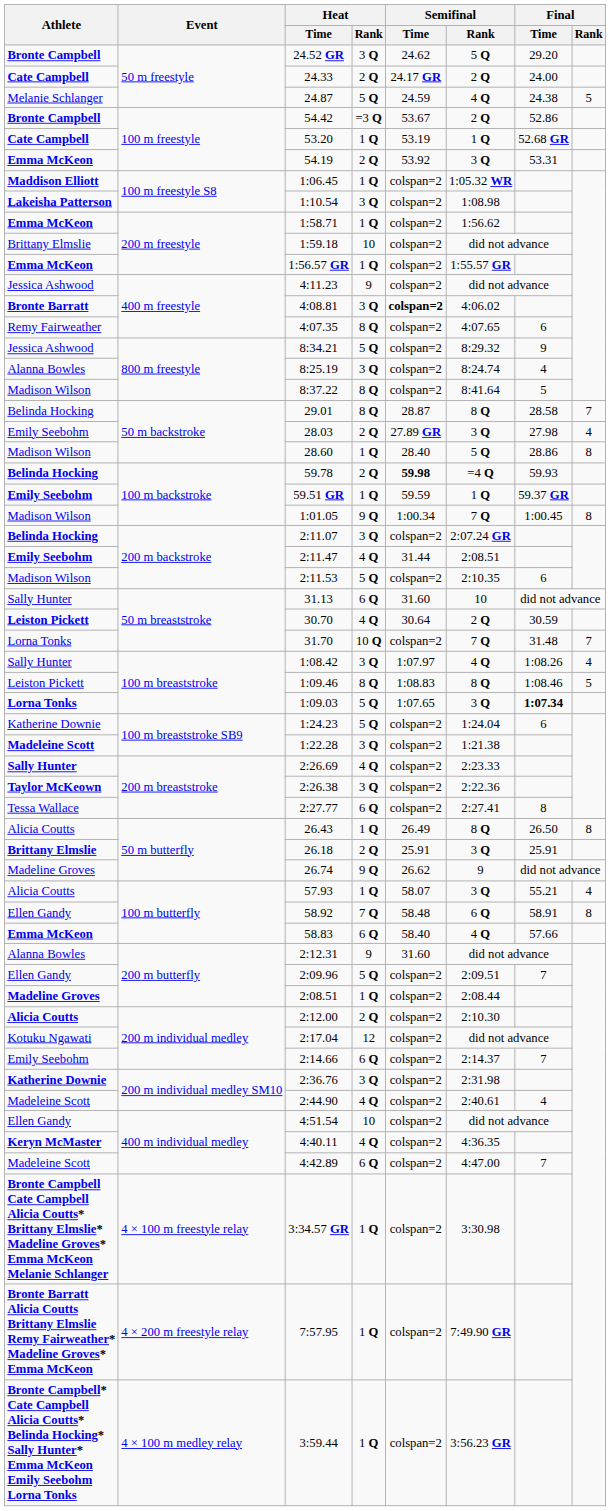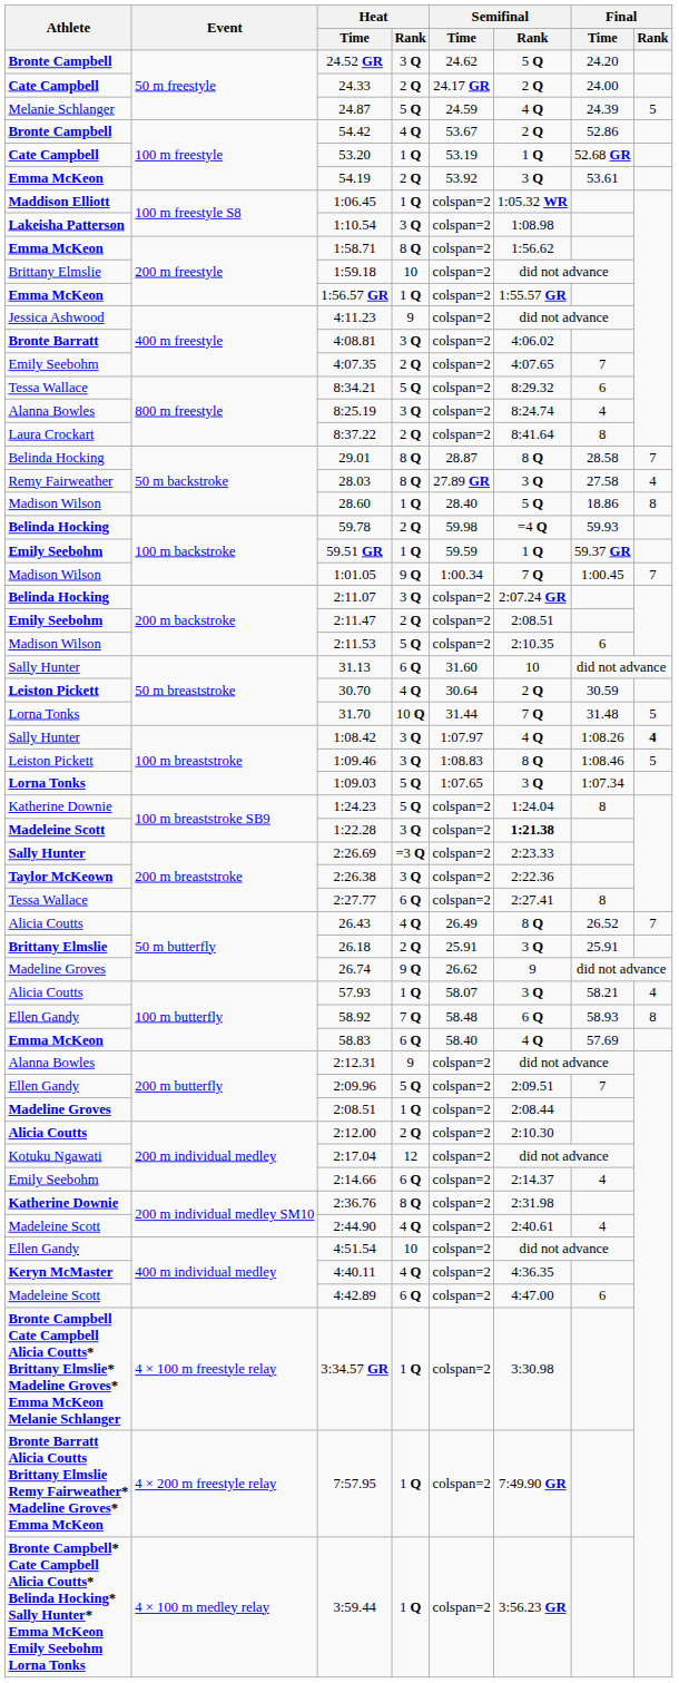 <table class=wikitable style=font-size:90%>
 <tr>
 <th rowspan=2>Athlete</th>
 <th rowspan=2>Event</th>
 <th colspan=2>Heat</th>
 <th colspan=2>Semifinal</th>
 <th colspan=2>Final</th>
 </tr>
 <tr style=font-size:95%>
 <th>Time</th>
 <th>Rank</th>
 <th>Time</th>
 <th>Rank</th>
 <th>Time</th>
 <th>Rank</th>
 </tr>
 <tr align=center>
 <td align=left><strong><a href='#'>Bronte Campbell</a></strong></td>
 <td align=left rowspan=3><a href='#'>50 m freestyle</a></td>
 <td>24.52 <strong><a href='#'>GR</a></strong></td>
 <td>3 <strong>Q</strong></td>
 <td>24.62</td>
 <td>5 <strong>Q</strong></td>
-<td>29.20</td>
+<td>24.20</td>
 <td></td>
 </tr>
 <tr align=center>
 <td align=left><strong><a href='#'>Cate Campbell</a></strong></td>
 <td>24.33</td>
 <td>2 <strong>Q</strong></td>
 <td>24.17 <strong><a href='#'>GR</a></strong></td>
 <td>2 <strong>Q</strong></td>
 <td>24.00</td>
 <td></td>
 </tr>
 <tr align=center>
 <td align=left><a href='#'>Melanie Schlanger</a></td>
 <td>24.87</td>
 <td>5 <strong>Q</strong></td>
 <td>24.59</td>
 <td>4 <strong>Q</strong></td>
-<td>24.38</td>
+<td>24.39</td>
 <td>5</td>
 </tr>
 <tr align=center>
 <td align=left><strong><a href='#'>Bronte Campbell</a></strong></td>
 <td align=left rowspan=3><a href='#'>100 m freestyle</a></td>
 <td>54.42</td>
-<td>=3 <strong>Q</strong></td>
+<td>4 <strong>Q</strong></td>
 <td>53.67</td>
 <td>2 <strong>Q</strong></td>
 <td>52.86</td>
 <td></td>
 </tr>
 <tr align=center>
 <td align=left><strong><a href='#'>Cate Campbell</a></strong></td>
 <td>53.20</td>
 <td>1 <strong>Q</strong></td>
 <td>53.19</td>
 <td>1 <strong>Q</strong></td>
 <td>52.68 <strong><a href='#'>GR</a></strong></td>
 <td></td>
 </tr>
 <tr align=center>
 <td align=left><strong><a href='#'>Emma McKeon</a></strong></td>
 <td>54.19</td>
 <td>2 <strong>Q</strong></td>
 <td>53.92</td>
 <td>3 <strong>Q</strong></td>
-<td>53.31</td>
+<td>53.61</td>
 <td></td>
 </tr>
 <tr align=center>
 <td align=left><strong><a href='#'>Maddison Elliott</a></strong></td>
 <td align=left rowspan=2><a href='#'>100 m freestyle S8</a></td>
 <td>1:06.45</td>
 <td>1 <strong>Q</strong></td>
 <td>colspan=2 </td>
 <td>1:05.32 <strong><a href='#'>WR</a></strong></td>
 <td></td>
 </tr>
 <tr align=center>
 <td align=left><strong><a href='#'>Lakeisha Patterson</a></strong></td>
 <td>1:10.54</td>
 <td>3 <strong>Q</strong></td>
 <td>colspan=2 </td>
 <td>1:08.98</td>
 <td></td>
 </tr>
 <tr align=center>
 <td align=left><strong><a href='#'>Emma McKeon</a></strong></td>
 <td align=left rowspan=3><a href='#'>200 m freestyle</a></td>
 <td>1:58.71</td>
-<td>1 <strong>Q</strong></td>
+<td>8 <strong>Q</strong></td>
 <td>colspan=2 </td>
 <td>1:56.62</td>
 <td></td>
 </tr>
 <tr align=center>
 <td align=left><a href='#'>Brittany Elmslie</a></td>
 <td>1:59.18</td>
 <td>10</td>
 <td>colspan=2 </td>
 <td colspan=2>did not advance</td>
 </tr>
 <tr align=center>
 <td align=left><strong><a href='#'>Emma McKeon</a></strong></td>
 <td>1:56.57 <strong><a href='#'>GR</a></strong></td>
 <td>1 <strong>Q</strong></td>
 <td>colspan=2 </td>
 <td>1:55.57 <strong><a href='#'>GR</a></strong></td>
 <td></td>
 </tr>
 <tr align=center>
 <td align=left><a href='#'>Jessica Ashwood</a></td>
 <td align=left rowspan=3><a href='#'>400 m freestyle</a></td>
 <td>4:11.23</td>
 <td>9</td>
 <td>colspan=2 </td>
 <td colspan=2>did not advance</td>
 </tr>
 <tr align=center>
 <td align=left><strong><a href='#'>Bronte Barratt</a></strong></td>
 <td>4:08.81</td>
 <td>3 <strong>Q</strong></td>
-<td><strong>colspan=2 </strong></td>
+<td>colspan=2 </td>
 <td>4:06.02</td>
 <td></td>
 </tr>
 <tr align=center>
-<td align=left><a href='#'>Remy Fairweather</a></td>
+<td align=left><a href='#'>Emily Seebohm</a></td>
 <td>4:07.35</td>
-<td>8 <strong>Q</strong></td>
+<td>2 <strong>Q</strong></td>
 <td>colspan=2 </td>
 <td>4:07.65</td>
-<td>6</td>
+<td>7</td>
 </tr>
 <tr align=center>
-<td align=left><a href='#'>Jessica Ashwood</a></td>
+<td align=left><a href='#'>Tessa Wallace</a></td>
 <td align=left rowspan=3><a href='#'>800 m freestyle</a></td>
 <td>8:34.21</td>
 <td>5 <strong>Q</strong></td>
 <td>colspan=2 </td>
 <td>8:29.32</td>
-<td>9</td>
+<td>6</td>
 </tr>
 <tr align=center>
 <td align=left><a href='#'>Alanna Bowles</a></td>
 <td>8:25.19</td>
 <td>3 <strong>Q</strong></td>
 <td>colspan=2 </td>
 <td>8:24.74</td>
 <td>4</td>
 </tr>
 <tr align=center>
-<td align=left><a href='#'>Madison Wilson</a></td>
+<td align=left><a href='#'>Laura Crockart</a></td>
 <td>8:37.22</td>
-<td>8 <strong>Q</strong></td>
+<td>2 <strong>Q</strong></td>
 <td>colspan=2 </td>
 <td>8:41.64</td>
-<td>5</td>
+<td>8</td>
 </tr>
 <tr align=center>
 <td align=left><a href='#'>Belinda Hocking</a></td>
 <td align=left rowspan=3><a href='#'>50 m backstroke</a></td>
 <td>29.01</td>
 <td>8 <strong>Q</strong></td>
 <td>28.87</td>
 <td>8 <strong>Q</strong></td>
 <td>28.58</td>
 <td>7</td>
 </tr>
 <tr align=center>
-<td align=left><a href='#'>Emily Seebohm</a></td>
+<td align=left><a href='#'>Remy Fairweather</a></td>
 <td>28.03</td>
-<td>2 <strong>Q</strong></td>
+<td>8 <strong>Q</strong></td>
 <td>27.89 <strong><a href='#'>GR</a></strong></td>
 <td>3 <strong>Q</strong></td>
-<td>27.98</td>
+<td>27.58</td>
 <td>4</td>
 </tr>
 <tr align=center>
 <td align=left><a href='#'>Madison Wilson</a></td>
 <td>28.60</td>
 <td>1 <strong>Q</strong></td>
 <td>28.40</td>
 <td>5 <strong>Q</strong></td>
-<td>28.86</td>
+<td>18.86</td>
 <td>8</td>
 </tr>
 <tr align=center>
 <td align=left><strong><a href='#'>Belinda Hocking</a></strong></td>
 <td align=left rowspan=3><a href='#'>100 m backstroke</a></td>
 <td>59.78</td>
 <td>2 <strong>Q</strong></td>
-<td><strong>59.98</strong></td>
+<td>59.98</td>
 <td>=4 <strong>Q</strong></td>
 <td>59.93</td>
 <td></td>
 </tr>
 <tr align=center>
 <td align=left><strong><a href='#'>Emily Seebohm</a></strong></td>
 <td>59.51 <strong><a href='#'>GR</a></strong></td>
 <td>1 <strong>Q</strong></td>
 <td>59.59</td>
 <td>1 <strong>Q</strong></td>
 <td>59.37 <strong><a href='#'>GR</a></strong></td>
 <td></td>
 </tr>
 <tr align=center>
 <td align=left><a href='#'>Madison Wilson</a></td>
 <td>1:01.05</td>
 <td>9 <strong>Q</strong></td>
 <td>1:00.34</td>
 <td>7 <strong>Q</strong></td>
 <td>1:00.45</td>
-<td>8</td>
+<td>7</td>
 </tr>
 <tr align=center>
 <td align=left><strong><a href='#'>Belinda Hocking</a></strong></td>
 <td align=left rowspan=3><a href='#'>200 m backstroke</a></td>
 <td>2:11.07</td>
 <td>3 <strong>Q</strong></td>
 <td>colspan=2 </td>
 <td>2:07.24 <strong><a href='#'>GR</a></strong></td>
 <td></td>
 </tr>
 <tr align=center>
 <td align=left><strong><a href='#'>Emily Seebohm</a></strong></td>
 <td>2:11.47</td>
-<td>4 <strong>Q</strong></td>
-<td>31.44</td>
+<td>2 <strong>Q</strong></td>
+<td>colspan=2 </td>
 <td>2:08.51</td>
 <td></td>
 </tr>
 <tr align=center>
 <td align=left><a href='#'>Madison Wilson</a></td>
 <td>2:11.53</td>
 <td>5 <strong>Q</strong></td>
 <td>colspan=2 </td>
 <td>2:10.35</td>
 <td>6</td>
 </tr>
 <tr align=center>
 <td align=left><a href='#'>Sally Hunter</a></td>
 <td align=left rowspan=3><a href='#'>50 m breaststroke</a></td>
 <td>31.13</td>
 <td>6 <strong>Q</strong></td>
 <td>31.60</td>
 <td>10</td>
 <td colspan=2>did not advance</td>
 </tr>
 <tr align=center>
 <td align=left><strong><a href='#'>Leiston Pickett</a></strong></td>
 <td>30.70</td>
 <td>4 <strong>Q</strong></td>
 <td>30.64</td>
 <td>2 <strong>Q</strong></td>
 <td>30.59</td>
 <td></td>
 </tr>
 <tr align=center>
 <td align=left><a href='#'>Lorna Tonks</a></td>
 <td>31.70</td>
 <td>10 <strong>Q</strong></td>
-<td>colspan=2 </td>
+<td>31.44</td>
 <td>7 <strong>Q</strong></td>
 <td>31.48</td>
-<td>7</td>
+<td>5</td>
 </tr>
 <tr align=center>
 <td align=left><a href='#'>Sally Hunter</a></td>
 <td align=left rowspan=3><a href='#'>100 m breaststroke</a></td>
 <td>1:08.42</td>
 <td>3 <strong>Q</strong></td>
 <td>1:07.97</td>
 <td>4 <strong>Q</strong></td>
 <td>1:08.26</td>
-<td>4</td>
+<td><strong>4</strong></td>
 </tr>
 <tr align=center>
 <td align=left><a href='#'>Leiston Pickett</a></td>
 <td>1:09.46</td>
-<td>8 <strong>Q</strong></td>
+<td>3 <strong>Q</strong></td>
 <td>1:08.83</td>
 <td>8 <strong>Q</strong></td>
 <td>1:08.46</td>
 <td>5</td>
 </tr>
 <tr align=center>
 <td align=left><strong><a href='#'>Lorna Tonks</a></strong></td>
 <td>1:09.03</td>
 <td>5 <strong>Q</strong></td>
 <td>1:07.65</td>
 <td>3 <strong>Q</strong></td>
-<td><strong>1:07.34</strong></td>
+<td>1:07.34</td>
 <td></td>
 </tr>
 <tr align=center>
 <td align=left><a href='#'>Katherine Downie</a></td>
 <td align=left rowspan=2><a href='#'>100 m breaststroke SB9</a></td>
 <td>1:24.23</td>
 <td>5 <strong>Q</strong></td>
 <td>colspan=2 </td>
 <td>1:24.04</td>
-<td>6</td>
+<td>8</td>
 </tr>
 <tr align=center>
 <td align=left><strong><a href='#'>Madeleine Scott</a></strong></td>
 <td>1:22.28</td>
 <td>3 <strong>Q</strong></td>
 <td>colspan=2 </td>
-<td>1:21.38</td>
+<td><strong>1:21.38</strong></td>
 <td></td>
 </tr>
 <tr align=center>
 <td align=left><strong><a href='#'>Sally Hunter</a></strong></td>
 <td align=left rowspan=3><a href='#'>200 m breaststroke</a></td>
 <td>2:26.69</td>
-<td>4 <strong>Q</strong></td>
+<td>=3 <strong>Q</strong></td>
 <td>colspan=2 </td>
 <td>2:23.33</td>
 <td></td>
 </tr>
 <tr align=center>
 <td align=left><strong><a href='#'>Taylor McKeown</a></strong></td>
 <td>2:26.38</td>
 <td>3 <strong>Q</strong></td>
 <td>colspan=2 </td>
 <td>2:22.36</td>
 <td></td>
 </tr>
 <tr align=center>
 <td align=left><a href='#'>Tessa Wallace</a></td>
 <td>2:27.77</td>
 <td>6 <strong>Q</strong></td>
 <td>colspan=2 </td>
 <td>2:27.41</td>
 <td>8</td>
 </tr>
 <tr align=center>
 <td align=left><a href='#'>Alicia Coutts</a></td>
 <td align=left rowspan=3><a href='#'>50 m butterfly</a></td>
 <td>26.43</td>
-<td>1 <strong>Q</strong></td>
+<td>4 <strong>Q</strong></td>
 <td>26.49</td>
 <td>8 <strong>Q</strong></td>
-<td>26.50</td>
-<td>8</td>
+<td>26.52</td>
+<td>7</td>
 </tr>
 <tr align=center>
 <td align=left><strong><a href='#'>Brittany Elmslie</a></strong></td>
 <td>26.18</td>
 <td>2 <strong>Q</strong></td>
 <td>25.91</td>
 <td>3 <strong>Q</strong></td>
 <td>25.91</td>
 <td></td>
 </tr>
 <tr align=center>
 <td align=left><a href='#'>Madeline Groves</a></td>
 <td>26.74</td>
 <td>9 <strong>Q</strong></td>
 <td>26.62</td>
 <td>9</td>
 <td colspan=2>did not advance</td>
 </tr>
 <tr align=center>
 <td align=left><a href='#'>Alicia Coutts</a></td>
 <td align=left rowspan=3><a href='#'>100 m butterfly</a></td>
 <td>57.93</td>
 <td>1 <strong>Q</strong></td>
 <td>58.07</td>
 <td>3 <strong>Q</strong></td>
-<td>55.21</td>
+<td>58.21</td>
 <td>4</td>
 </tr>
 <tr align=center>
 <td align=left><a href='#'>Ellen Gandy</a></td>
 <td>58.92</td>
 <td>7 <strong>Q</strong></td>
 <td>58.48</td>
 <td>6 <strong>Q</strong></td>
-<td>58.91</td>
+<td>58.93</td>
 <td>8</td>
 </tr>
 <tr align=center>
 <td align=left><strong><a href='#'>Emma McKeon</a></strong></td>
 <td>58.83</td>
 <td>6 <strong>Q</strong></td>
 <td>58.40</td>
 <td>4 <strong>Q</strong></td>
-<td>57.66</td>
+<td>57.69</td>
 <td></td>
 </tr>
 <tr align=center>
 <td align=left><a href='#'>Alanna Bowles</a></td>
 <td align=left rowspan=3><a href='#'>200 m butterfly</a></td>
 <td>2:12.31</td>
 <td>9</td>
-<td>31.60</td>
+<td>colspan=2 </td>
 <td colspan=2>did not advance</td>
 </tr>
 <tr align=center>
 <td align=left><a href='#'>Ellen Gandy</a></td>
 <td>2:09.96</td>
 <td>5 <strong>Q</strong></td>
 <td>colspan=2 </td>
 <td>2:09.51</td>
 <td>7</td>
 </tr>
 <tr align=center>
 <td align=left><strong><a href='#'>Madeline Groves</a></strong></td>
 <td>2:08.51</td>
 <td>1 <strong>Q</strong></td>
 <td>colspan=2 </td>
 <td>2:08.44</td>
 <td></td>
 </tr>
 <tr align=center>
 <td align=left><strong><a href='#'>Alicia Coutts</a></strong></td>
 <td align=left rowspan=3><a href='#'>200 m individual medley</a></td>
 <td>2:12.00</td>
 <td>2 <strong>Q</strong></td>
 <td>colspan=2 </td>
 <td>2:10.30</td>
 <td></td>
 </tr>
 <tr align=center>
 <td align=left><a href='#'>Kotuku Ngawati</a></td>
 <td>2:17.04</td>
 <td>12</td>
 <td>colspan=2 </td>
 <td colspan=2>did not advance</td>
 </tr>
 <tr align=center>
 <td align=left><a href='#'>Emily Seebohm</a></td>
 <td>2:14.66</td>
 <td>6 <strong>Q</strong></td>
 <td>colspan=2 </td>
 <td>2:14.37</td>
-<td>7</td>
+<td>4</td>
 </tr>
 <tr align=center>
 <td align=left><strong><a href='#'>Katherine Downie</a></strong></td>
 <td align=left rowspan=2><a href='#'>200 m individual medley SM10</a></td>
 <td>2:36.76</td>
-<td>3 <strong>Q</strong></td>
+<td>8 <strong>Q</strong></td>
 <td>colspan=2 </td>
 <td>2:31.98</td>
 <td></td>
 </tr>
 <tr align=center>
 <td align=left><a href='#'>Madeleine Scott</a></td>
 <td>2:44.90</td>
 <td>4 <strong>Q</strong></td>
 <td>colspan=2 </td>
 <td>2:40.61</td>
 <td>4</td>
 </tr>
 <tr align=center>
 <td align=left><a href='#'>Ellen Gandy</a></td>
 <td align=left rowspan=3><a href='#'>400 m individual medley</a></td>
 <td>4:51.54</td>
 <td>10</td>
 <td>colspan=2 </td>
 <td colspan=2>did not advance</td>
 </tr>
 <tr align=center>
 <td align=left><strong><a href='#'>Keryn McMaster</a></strong></td>
 <td>4:40.11</td>
 <td>4 <strong>Q</strong></td>
 <td>colspan=2 </td>
 <td>4:36.35</td>
 <td></td>
 </tr>
 <tr align=center>
 <td align=left><a href='#'>Madeleine Scott</a></td>
 <td>4:42.89</td>
 <td>6 <strong>Q</strong></td>
 <td>colspan=2 </td>
 <td>4:47.00</td>
-<td>7</td>
+<td>6</td>
 </tr>
 <tr align=center>
 <td align=left><strong><a href='#'>Bronte Campbell</a><br><a href='#'>Cate Campbell</a><br><a href='#'>Alicia Coutts</a>*<br><a href='#'>Brittany Elmslie</a>*<br><a href='#'>Madeline Groves</a>*<br><a href='#'>Emma McKeon</a><br><a href='#'>Melanie Schlanger</a></strong></td>
 <td align=left><a href='#'>4 × 100 m freestyle relay</a></td>
 <td>3:34.57 <strong><a href='#'>GR</a></strong></td>
 <td>1 <strong>Q</strong></td>
 <td>colspan=2 </td>
 <td>3:30.98 </td>
 <td></td>
 </tr>
 <tr align=center>
 <td align=left><strong><a href='#'>Bronte Barratt</a><br><a href='#'>Alicia Coutts</a><br><a href='#'>Brittany Elmslie</a><br><a href='#'>Remy Fairweather</a>*<br><a href='#'>Madeline Groves</a>*<br><a href='#'>Emma McKeon</a></strong></td>
 <td align=left><a href='#'>4 × 200 m freestyle relay</a></td>
 <td>7:57.95</td>
 <td>1 <strong>Q</strong></td>
 <td>colspan=2 </td>
 <td>7:49.90 <strong><a href='#'>GR</a></strong></td>
 <td></td>
 </tr>
 <tr align=center>
 <td align=left><strong><a href='#'>Bronte Campbell</a>*<br><a href='#'>Cate Campbell</a><br><a href='#'>Alicia Coutts</a>*<br><a href='#'>Belinda Hocking</a>*<br><a href='#'>Sally Hunter</a>*<br><a href='#'>Emma McKeon</a><br><a href='#'>Emily Seebohm</a><br><a href='#'>Lorna Tonks</a></strong></td>
 <td align=left><a href='#'>4 × 100 m medley relay</a></td>
 <td>3:59.44</td>
 <td>1 <strong>Q</strong></td>
 <td>colspan=2 </td>
 <td>3:56.23 <strong><a href='#'>GR</a></strong></td>
 <td></td>
 </tr>
 </table>
